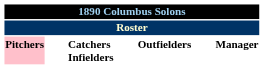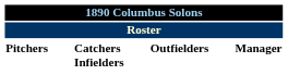 <table class="toccolours" style="font-size: 95%;">
 <tr>
 <th colspan="10" style="background-color: black; color: #9ECEEE; text-align: center;">1890 Columbus Solons</th>
 </tr>
 <tr>
 <td colspan="10" style="background-color: #003366; color: #FFFDD0; text-align: center;"><strong>Roster</strong></td>
 </tr>
 <tr>
-<td valign="top" style="background: pink;"><strong>Pitchers</strong><br>      </td>
+<td valign="top"><strong>Pitchers</strong><br>      </td>
 <td width="25px"></td>
 <td valign="top"><strong>Catchers</strong><br>   <strong>Infielders</strong>     </td>
 <td width="25px"></td>
 <td valign="top"><strong>Outfielders</strong><br>    </td>
 <td width="25px"></td>
 <td valign="top"><strong>Manager</strong><br>  </td>
 </tr>
 </table>
